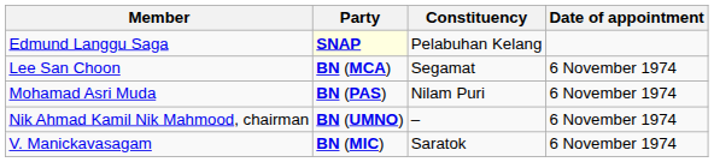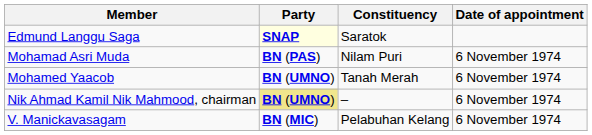 <table class=wikitable>
 <tr>
 <th>Member</th>
 <th>Party</th>
 <th>Constituency</th>
 <th>Date of appointment</th>
 </tr>
 <tr>
 <td><a href='#'>Edmund Langgu Saga</a></td>
 <td style="background: lightyellow;"><strong><a href='#'>SNAP</a></strong></td>
-<td>Pelabuhan Kelang</td>
+<td>Saratok</td>
 <td></td>
-</tr>
-<tr>
-<td><a href='#'>Lee San Choon</a></td>
-<td><strong><a href='#'>BN</a></strong> (<strong><a href='#'>MCA</a></strong>)</td>
-<td>Segamat</td>
-<td>6 November 1974</td>
 </tr>
 <tr>
 <td><a href='#'>Mohamad Asri Muda</a></td>
 <td><strong><a href='#'>BN</a></strong> (<strong><a href='#'>PAS</a></strong>)</td>
 <td>Nilam Puri</td>
 <td>6 November 1974</td>
 </tr>
 <tr>
+<td><a href='#'>Mohamed Yaacob</a></td>
+<td><strong><a href='#'>BN</a></strong> (<strong><a href='#'>UMNO</a></strong>)</td>
+<td>Tanah Merah</td>
+<td>6 November 1974</td>
+</tr>
+<tr>
 <td><a href='#'>Nik Ahmad Kamil Nik Mahmood</a>, chairman</td>
-<td><strong><a href='#'>BN</a></strong> (<strong><a href='#'>UMNO</a></strong>)</td>
+<td style="background: khaki;"><strong><a href='#'>BN</a></strong> (<strong><a href='#'>UMNO</a></strong>)</td>
 <td>–</td>
 <td>6 November 1974</td>
 </tr>
 <tr>
 <td><a href='#'>V. Manickavasagam</a></td>
 <td><strong><a href='#'>BN</a></strong> (<strong><a href='#'>MIC</a></strong>)</td>
-<td>Saratok</td>
+<td>Pelabuhan Kelang</td>
 <td>6 November 1974</td>
 </tr>
 </table>
